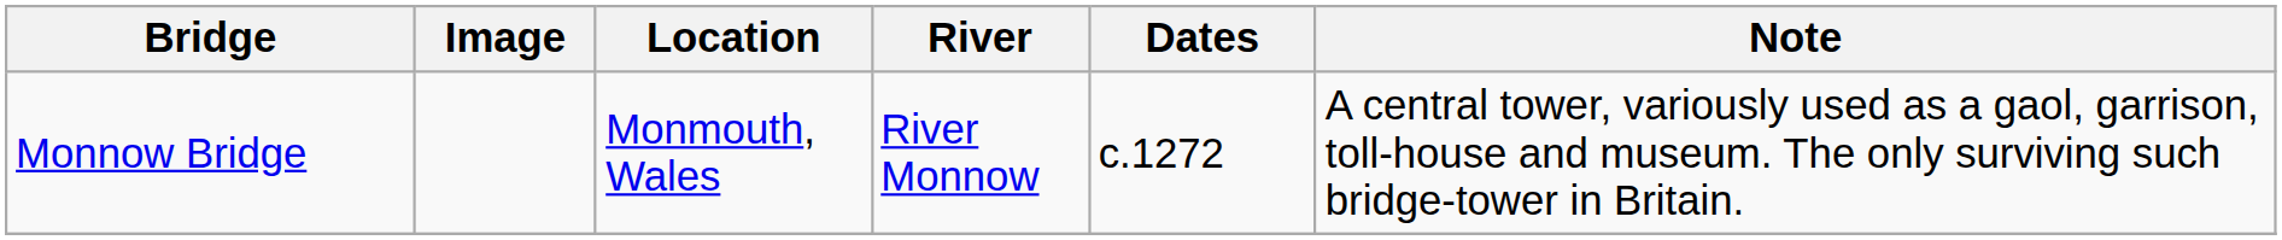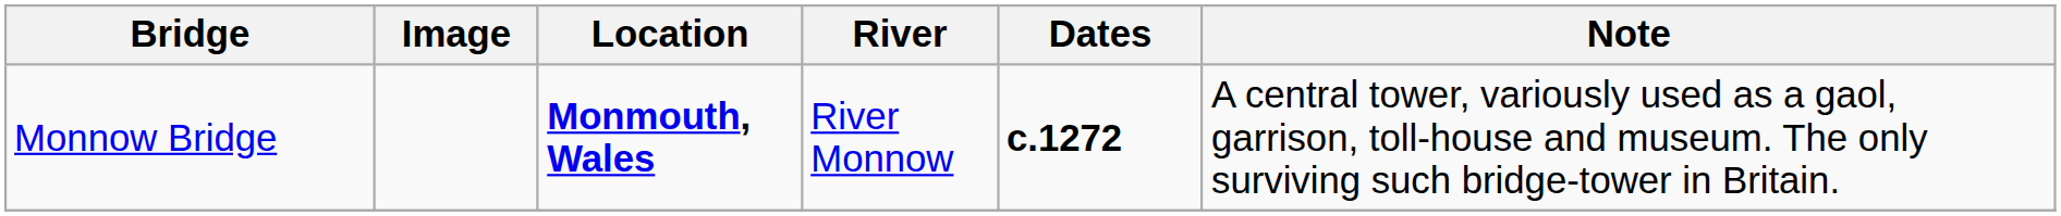 <table class="wikitable sortable">
 <tr>
 <th width = 18%>Bridge</th>
 <th width = 8% class="unsortable">Image</th>
 <th>Location</th>
 <th>River</th>
 <th width = 10%>Dates</th>
 <th class="unsortable">Note</th>
 </tr>
 <tr>
 <td><a href='#'>Monnow Bridge</a></td>
 <td></td>
-<td><a href='#'>Monmouth</a>, <a href='#'>Wales</a><br><small></small></td>
+<td><strong><a href='#'>Monmouth</a>, <a href='#'>Wales</a><br><small></small></strong></td>
 <td><a href='#'>River Monnow</a></td>
-<td>c.1272</td>
+<td><strong>c.1272</strong></td>
 <td>A central tower, variously used as a gaol, garrison, toll-house and museum. The only surviving such bridge-tower in Britain.</td>
 </tr>
 <tr>
 </tr>
 </table>
